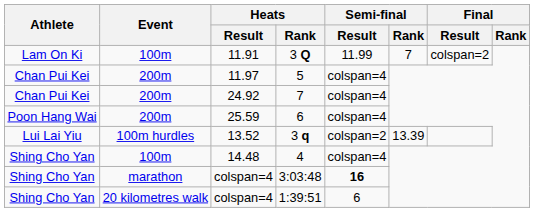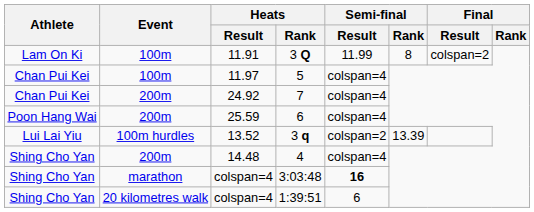 <table class=wikitable style="text-align: center; font-size:90%">
 <tr>
 <th rowspan=2>Athlete</th>
 <th rowspan=2>Event</th>
 <th colspan="2">Heats</th>
 <th colspan="2">Semi-final</th>
 <th colspan="2">Final</th>
 </tr>
 <tr>
 <th>Result</th>
 <th>Rank</th>
 <th>Result</th>
 <th>Rank</th>
 <th>Result</th>
 <th>Rank</th>
 </tr>
 <tr>
 <td><a href='#'>Lam On Ki</a></td>
 <td><a href='#'>100m</a></td>
 <td>11.91</td>
 <td>3 <strong>Q</strong></td>
 <td>11.99</td>
-<td>7</td>
+<td>8</td>
 <td>colspan=2 </td>
 </tr>
 <tr>
 <td><a href='#'>Chan Pui Kei</a></td>
-<td><a href='#'>200m</a></td>
+<td><a href='#'>100m</a></td>
 <td>11.97</td>
 <td>5</td>
 <td>colspan=4 </td>
 </tr>
 <tr>
 <td><a href='#'>Chan Pui Kei</a></td>
 <td><a href='#'>200m</a></td>
 <td>24.92</td>
 <td>7</td>
 <td>colspan=4 </td>
 </tr>
 <tr>
 <td><a href='#'>Poon Hang Wai</a></td>
 <td><a href='#'>200m</a></td>
 <td>25.59</td>
 <td>6</td>
 <td>colspan=4 </td>
 </tr>
 <tr>
 <td><a href='#'>Lui Lai Yiu</a></td>
 <td><a href='#'>100m hurdles</a></td>
 <td>13.52</td>
 <td>3 <strong>q</strong></td>
 <td>colspan=2 </td>
 <td>13.39</td>
 <td></td>
 </tr>
 <tr>
 <td><a href='#'>Shing Cho Yan</a></td>
-<td><a href='#'>100m</a></td>
+<td><a href='#'>200m</a></td>
 <td>14.48</td>
 <td>4</td>
 <td>colspan=4 </td>
 </tr>
 <tr>
 <td><a href='#'>Shing Cho Yan</a></td>
 <td><a href='#'>marathon</a></td>
 <td>colspan=4 </td>
 <td>3:03:48</td>
 <td><strong>16</strong></td>
 </tr>
 <tr>
 <td><a href='#'>Shing Cho Yan</a></td>
 <td><a href='#'>20 kilometres walk</a></td>
 <td>colspan=4 </td>
 <td>1:39:51</td>
 <td>6</td>
 </tr>
 </table>
